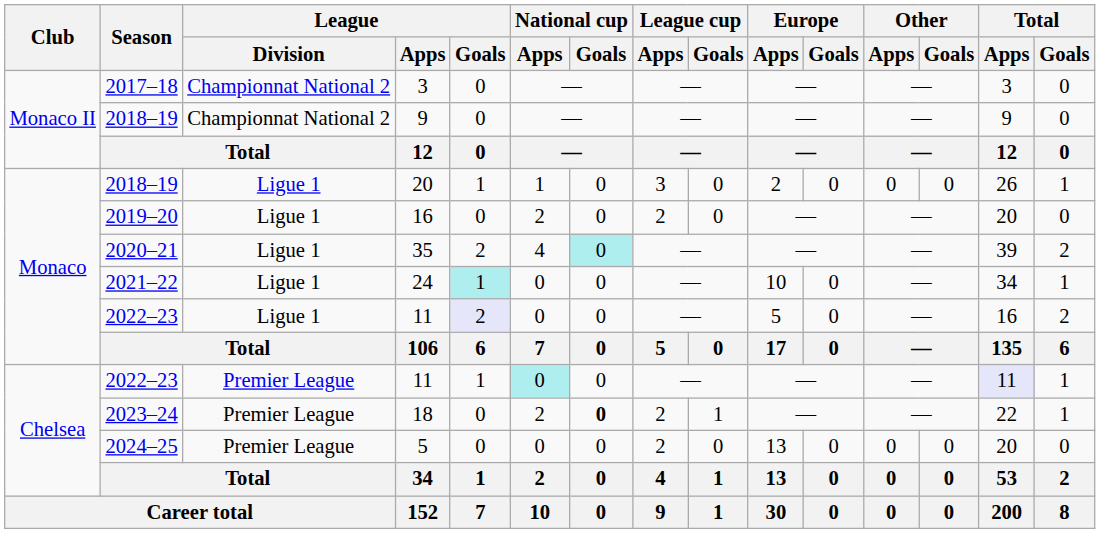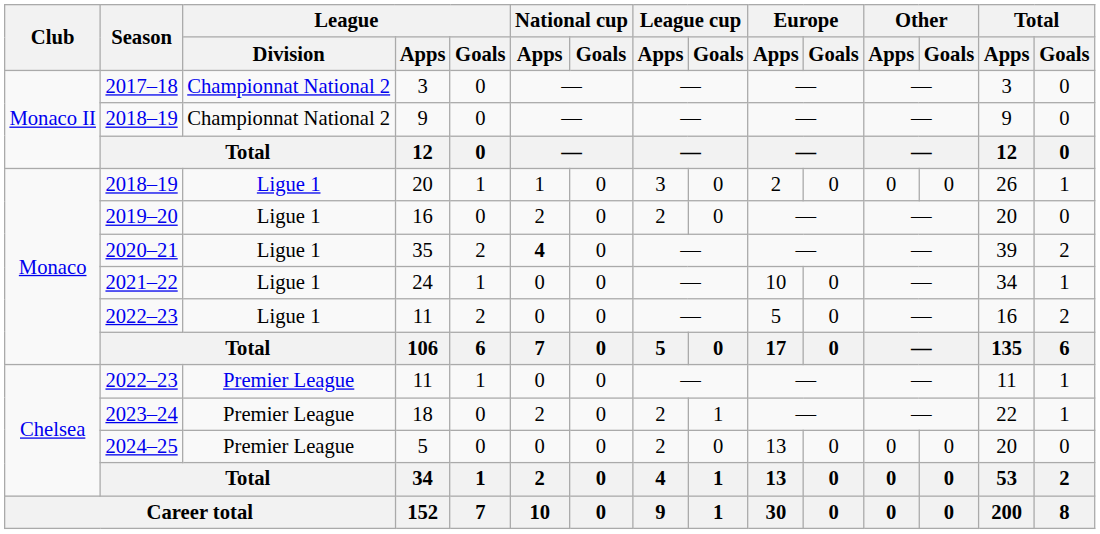 <table class="wikitable" style="text-align: center;">
 <tr>
 <th rowspan="2">Club</th>
 <th rowspan="2">Season</th>
 <th colspan="3">League</th>
 <th colspan="2">National cup</th>
 <th colspan="2">League cup</th>
 <th colspan="2">Europe</th>
 <th colspan="2">Other</th>
 <th colspan="2">Total</th>
 </tr>
 <tr>
 <th>Division</th>
 <th>Apps</th>
 <th>Goals</th>
 <th>Apps</th>
 <th>Goals</th>
 <th>Apps</th>
 <th>Goals</th>
 <th>Apps</th>
 <th>Goals</th>
 <th>Apps</th>
 <th>Goals</th>
 <th>Apps</th>
 <th>Goals</th>
 </tr>
 <tr>
 <td rowspan="3"><a href='#'>Monaco II</a></td>
 <td><a href='#'>2017–18</a></td>
 <td><a href='#'>Championnat National 2</a></td>
 <td>3</td>
 <td>0</td>
 <td colspan="2">—</td>
 <td colspan="2">—</td>
 <td colspan="2">—</td>
 <td colspan="2">—</td>
 <td>3</td>
 <td>0</td>
 </tr>
 <tr>
 <td><a href='#'>2018–19</a></td>
 <td>Championnat National 2</td>
 <td>9</td>
 <td>0</td>
 <td colspan="2">—</td>
 <td colspan="2">—</td>
 <td colspan="2">—</td>
 <td colspan="2">—</td>
 <td>9</td>
 <td>0</td>
 </tr>
 <tr>
 <th colspan="2">Total</th>
 <th>12</th>
 <th>0</th>
 <th colspan="2">—</th>
 <th colspan="2">—</th>
 <th colspan="2">—</th>
 <th colspan="2">—</th>
 <th>12</th>
 <th>0</th>
 </tr>
 <tr>
 <td rowspan="6"><a href='#'>Monaco</a></td>
 <td><a href='#'>2018–19</a></td>
 <td><a href='#'>Ligue 1</a></td>
 <td>20</td>
 <td>1</td>
 <td>1</td>
 <td>0</td>
 <td>3</td>
 <td>0</td>
 <td>2</td>
 <td>0</td>
 <td>0</td>
 <td>0</td>
 <td>26</td>
 <td>1</td>
 </tr>
 <tr>
 <td><a href='#'>2019–20</a></td>
 <td>Ligue 1</td>
 <td>16</td>
 <td>0</td>
 <td>2</td>
 <td>0</td>
 <td>2</td>
 <td>0</td>
 <td colspan="2">—</td>
 <td colspan="2">—</td>
 <td>20</td>
 <td>0</td>
 </tr>
 <tr>
 <td><a href='#'>2020–21</a></td>
 <td>Ligue 1</td>
 <td>35</td>
 <td>2</td>
-<td>4</td>
-<td style="background: paleturquoise;">0</td>
+<td><strong>4</strong></td>
+<td>0</td>
 <td colspan="2">—</td>
 <td colspan="2">—</td>
 <td colspan="2">—</td>
 <td>39</td>
 <td>2</td>
 </tr>
 <tr>
 <td><a href='#'>2021–22</a></td>
 <td>Ligue 1</td>
 <td>24</td>
-<td style="background: paleturquoise;">1</td>
+<td>1</td>
 <td>0</td>
 <td>0</td>
 <td colspan="2">—</td>
 <td>10</td>
 <td>0</td>
 <td colspan="2">—</td>
 <td>34</td>
 <td>1</td>
 </tr>
 <tr>
 <td><a href='#'>2022–23</a></td>
 <td>Ligue 1</td>
 <td>11</td>
-<td style="background: lavender;">2</td>
+<td>2</td>
 <td>0</td>
 <td>0</td>
 <td colspan="2">—</td>
 <td>5</td>
 <td>0</td>
 <td colspan="2">—</td>
 <td>16</td>
 <td>2</td>
 </tr>
 <tr>
 <th colspan="2">Total</th>
 <th>106</th>
 <th>6</th>
 <th>7</th>
 <th>0</th>
 <th>5</th>
 <th>0</th>
 <th>17</th>
 <th>0</th>
 <th colspan="2">—</th>
 <th>135</th>
 <th>6</th>
 </tr>
 <tr>
 <td rowspan="4"><a href='#'>Chelsea</a></td>
 <td><a href='#'>2022–23</a></td>
 <td><a href='#'>Premier League</a></td>
 <td>11</td>
 <td>1</td>
-<td style="background: paleturquoise;">0</td>
+<td>0</td>
 <td>0</td>
 <td colspan="2">—</td>
 <td colspan="2">—</td>
 <td colspan="2">—</td>
-<td style="background: lavender;">11</td>
+<td>11</td>
 <td>1</td>
 </tr>
 <tr>
 <td><a href='#'>2023–24</a></td>
 <td>Premier League</td>
 <td>18</td>
 <td>0</td>
 <td>2</td>
-<td><strong>0</strong></td>
+<td>0</td>
 <td>2</td>
 <td>1</td>
 <td colspan="2">—</td>
 <td colspan="2">—</td>
 <td>22</td>
 <td>1</td>
 </tr>
 <tr>
 <td><a href='#'>2024–25</a></td>
 <td>Premier League</td>
 <td>5</td>
 <td>0</td>
 <td>0</td>
 <td>0</td>
 <td>2</td>
 <td>0</td>
 <td>13</td>
 <td>0</td>
 <td>0</td>
 <td>0</td>
 <td>20</td>
 <td>0</td>
 </tr>
 <tr>
 <th colspan="2">Total</th>
 <th>34</th>
 <th>1</th>
 <th>2</th>
 <th>0</th>
 <th>4</th>
 <th>1</th>
 <th>13</th>
 <th>0</th>
 <th>0</th>
 <th>0</th>
 <th>53</th>
 <th>2</th>
 </tr>
 <tr>
 <th colspan="3">Career total</th>
 <th>152</th>
 <th>7</th>
 <th>10</th>
 <th>0</th>
 <th>9</th>
 <th>1</th>
 <th>30</th>
 <th>0</th>
 <th>0</th>
 <th>0</th>
 <th>200</th>
 <th>8</th>
 </tr>
 </table>
